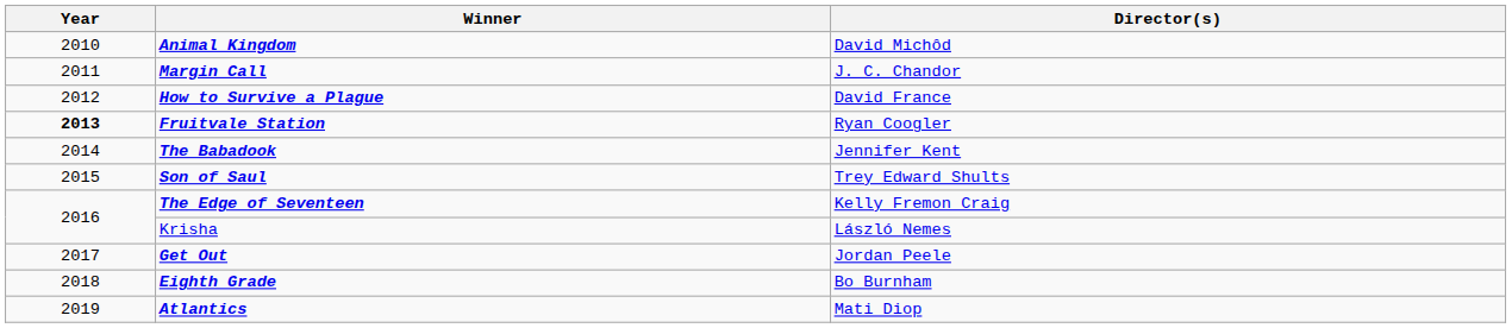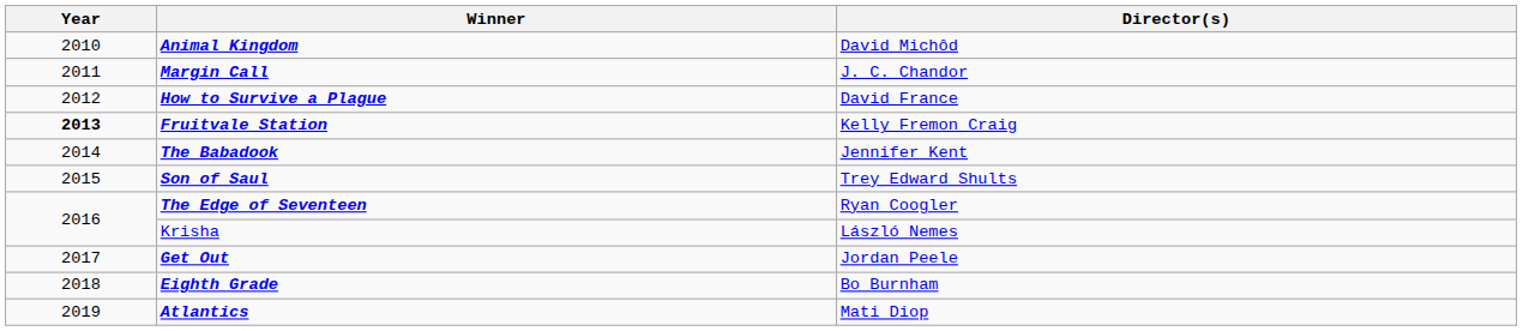 <table class="wikitable" width="95%" cellpadding="5">
 <tr>
 <th width="10%">Year</th>
 <th width="45%">Winner</th>
 <th width="45%">Director(s)</th>
 </tr>
 <tr>
 <td align="center">2010</td>
 <td><strong><em><a href='#'>Animal Kingdom</a></em></strong></td>
 <td><a href='#'>David Michôd</a></td>
 </tr>
 <tr>
 <td align="center">2011</td>
 <td><strong><em><a href='#'>Margin Call</a></em></strong></td>
 <td><a href='#'>J. C. Chandor</a></td>
 </tr>
 <tr>
 <td align="center">2012</td>
 <td><strong><em><a href='#'>How to Survive a Plague</a></em></strong></td>
 <td><a href='#'>David France</a></td>
 </tr>
 <tr>
 <td align="center"><strong>2013</strong></td>
 <td><strong><em><a href='#'>Fruitvale Station</a></em></strong></td>
-<td><a href='#'>Ryan Coogler</a></td>
+<td><a href='#'>Kelly Fremon Craig</a></td>
 </tr>
 <tr>
 <td align="center">2014</td>
 <td><strong><em><a href='#'>The Babadook</a></em></strong></td>
 <td><a href='#'>Jennifer Kent</a></td>
 </tr>
 <tr>
 <td align="center">2015</td>
 <td><strong><em><a href='#'>Son of Saul</a></em></strong></td>
 <td><a href='#'>Trey Edward Shults</a></td>
 </tr>
 <tr>
 <td rowspan="2" align="center">2016</td>
 <td><strong><em><a href='#'>The Edge of Seventeen</a><em> <strong></td>
-<td><a href='#'>Kelly Fremon Craig</a></td>
+<td><a href='#'>Ryan Coogler</a></td>
 </tr>
 <tr>
 <td></em></strong><a href='#'>Krisha</a></em> </strong></td>
 <td><a href='#'>László Nemes</a></td>
 </tr>
 <tr>
 <td align="center">2017</td>
 <td><strong><em><a href='#'>Get Out</a></em></strong></td>
 <td><a href='#'>Jordan Peele</a></td>
 </tr>
 <tr>
 <td align="center">2018</td>
 <td><strong><em><a href='#'>Eighth Grade</a></em></strong></td>
 <td><a href='#'>Bo Burnham</a></td>
 </tr>
 <tr>
 <td align="center">2019</td>
 <td><strong><em><a href='#'>Atlantics</a></em></strong></td>
 <td><a href='#'>Mati Diop</a></td>
 </tr>
 </table>
